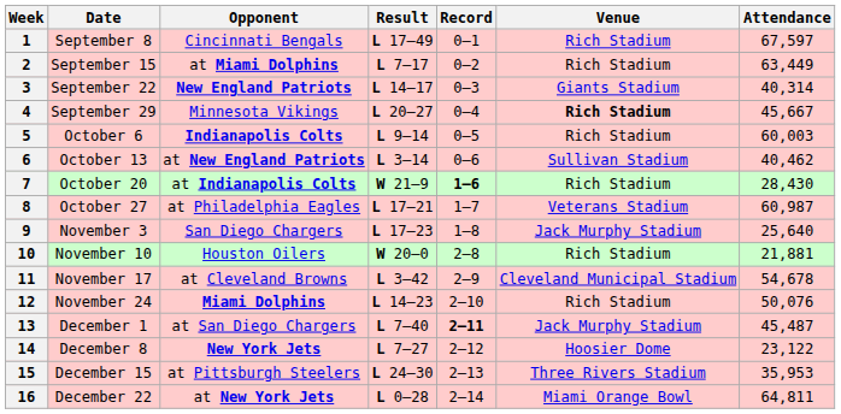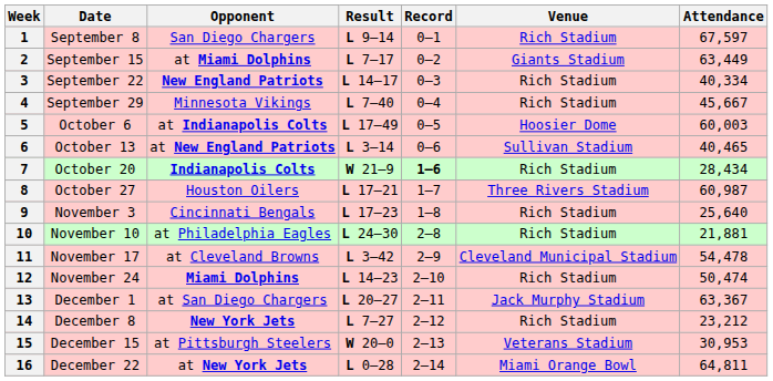 <table class="wikitable" style="text-align:center">
 <tr>
 <th>Week</th>
 <th>Date</th>
 <th>Opponent</th>
 <th>Result</th>
 <th>Record</th>
 <th>Venue</th>
 <th>Attendance</th>
 </tr>
 <tr style="background:#fcc">
 <th>1</th>
 <td>September 8</td>
-<td><a href='#'>Cincinnati Bengals</a></td>
-<td><strong>L</strong> 17–49</td>
+<td><a href='#'>San Diego Chargers</a></td>
+<td><strong>L</strong> 9–14</td>
 <td>0–1</td>
 <td><a href='#'>Rich Stadium</a></td>
 <td>67,597</td>
 </tr>
 <tr style="background:#fcc">
 <th>2</th>
 <td>September 15</td>
 <td>at <strong><a href='#'>Miami Dolphins</a></strong></td>
 <td><strong>L</strong> 7–17</td>
 <td>0–2</td>
-<td>Rich Stadium</td>
+<td><a href='#'>Giants Stadium</a></td>
 <td>63,449</td>
 </tr>
 <tr style="background:#fcc">
 <th>3</th>
 <td>September 22</td>
 <td><strong><a href='#'>New England Patriots</a></strong></td>
 <td><strong>L</strong> 14–17</td>
 <td>0–3</td>
-<td><a href='#'>Giants Stadium</a></td>
-<td>40,314</td>
+<td>Rich Stadium</td>
+<td>40,334</td>
 </tr>
 <tr style="background:#fcc">
 <th>4</th>
 <td>September 29</td>
 <td><a href='#'>Minnesota Vikings</a></td>
-<td><strong>L</strong> 20–27</td>
+<td><strong>L</strong> 7–40</td>
 <td>0–4</td>
-<td><strong>Rich Stadium</strong></td>
+<td>Rich Stadium</td>
 <td>45,667</td>
 </tr>
 <tr style="background:#fcc">
 <th>5</th>
 <td>October 6</td>
-<td><strong><a href='#'>Indianapolis Colts</a></strong></td>
-<td><strong>L</strong> 9–14</td>
+<td>at <strong><a href='#'>Indianapolis Colts</a></strong></td>
+<td><strong>L</strong> 17–49</td>
 <td>0–5</td>
-<td>Rich Stadium</td>
+<td><a href='#'>Hoosier Dome</a></td>
 <td>60,003</td>
 </tr>
 <tr style="background:#fcc">
 <th>6</th>
 <td>October 13</td>
 <td>at <strong><a href='#'>New England Patriots</a></strong></td>
 <td><strong>L</strong> 3–14</td>
 <td>0–6</td>
 <td><a href='#'>Sullivan Stadium</a></td>
-<td>40,462</td>
+<td>40,465</td>
 </tr>
 <tr style="background:#cfc">
 <th>7</th>
 <td>October 20</td>
-<td>at <strong><a href='#'>Indianapolis Colts</a></strong></td>
+<td><strong><a href='#'>Indianapolis Colts</a></strong></td>
 <td><strong>W</strong> 21–9</td>
 <td><strong>1–6</strong></td>
 <td>Rich Stadium</td>
-<td>28,430</td>
+<td>28,434</td>
 </tr>
 <tr style="background:#fcc">
 <th>8</th>
 <td>October 27</td>
-<td>at <a href='#'>Philadelphia Eagles</a></td>
+<td><a href='#'>Houston Oilers</a></td>
 <td><strong>L</strong> 17–21</td>
 <td>1–7</td>
-<td><a href='#'>Veterans Stadium</a></td>
+<td><a href='#'>Three Rivers Stadium</a></td>
 <td>60,987</td>
 </tr>
 <tr style="background:#fcc">
 <th>9</th>
 <td>November 3</td>
-<td><a href='#'>San Diego Chargers</a></td>
+<td><a href='#'>Cincinnati Bengals</a></td>
 <td><strong>L</strong> 17–23</td>
 <td>1–8</td>
-<td><a href='#'>Jack Murphy Stadium</a></td>
+<td>Rich Stadium</td>
 <td>25,640</td>
 </tr>
 <tr style="background:#cfc">
 <th>10</th>
 <td>November 10</td>
-<td><a href='#'>Houston Oilers</a></td>
-<td><strong>W</strong> 20–0</td>
+<td>at <a href='#'>Philadelphia Eagles</a></td>
+<td><strong>L</strong> 24–30</td>
 <td>2–8</td>
 <td>Rich Stadium</td>
 <td>21,881</td>
 </tr>
 <tr style="background:#fcc">
 <th>11</th>
 <td>November 17</td>
 <td>at <a href='#'>Cleveland Browns</a></td>
 <td><strong>L</strong> 3–42</td>
 <td>2–9</td>
 <td><a href='#'>Cleveland Municipal Stadium</a></td>
-<td>54,678</td>
+<td>54,478</td>
 </tr>
 <tr style="background:#fcc">
 <th>12</th>
 <td>November 24</td>
 <td><strong><a href='#'>Miami Dolphins</a></strong></td>
 <td><strong>L</strong> 14–23</td>
 <td>2–10</td>
 <td>Rich Stadium</td>
-<td>50,076</td>
+<td>50,474</td>
 </tr>
 <tr style="background:#fcc">
 <th>13</th>
 <td>December 1</td>
 <td>at <a href='#'>San Diego Chargers</a></td>
-<td><strong>L</strong> 7–40</td>
-<td><strong>2–11</strong></td>
+<td><strong>L</strong> 20–27</td>
+<td>2–11</td>
 <td><a href='#'>Jack Murphy Stadium</a></td>
-<td>45,487</td>
+<td>63,367</td>
 </tr>
 <tr style="background:#fcc">
 <th>14</th>
 <td>December 8</td>
 <td><strong><a href='#'>New York Jets</a></strong></td>
 <td><strong>L</strong> 7–27</td>
 <td>2–12</td>
-<td><a href='#'>Hoosier Dome</a></td>
-<td>23,122</td>
+<td>Rich Stadium</td>
+<td>23,212</td>
 </tr>
 <tr style="background:#fcc">
 <th>15</th>
 <td>December 15</td>
 <td>at <a href='#'>Pittsburgh Steelers</a></td>
-<td><strong>L</strong> 24–30</td>
+<td><strong>W</strong> 20–0</td>
 <td>2–13</td>
-<td><a href='#'>Three Rivers Stadium</a></td>
-<td>35,953</td>
+<td><a href='#'>Veterans Stadium</a></td>
+<td>30,953</td>
 </tr>
 <tr style="background:#fcc">
 <th>16</th>
 <td>December 22</td>
 <td>at <strong><a href='#'>New York Jets</a></strong></td>
 <td><strong>L</strong> 0–28</td>
 <td>2–14</td>
 <td><a href='#'>Miami Orange Bowl</a></td>
 <td>64,811</td>
 </tr>
 </table>
